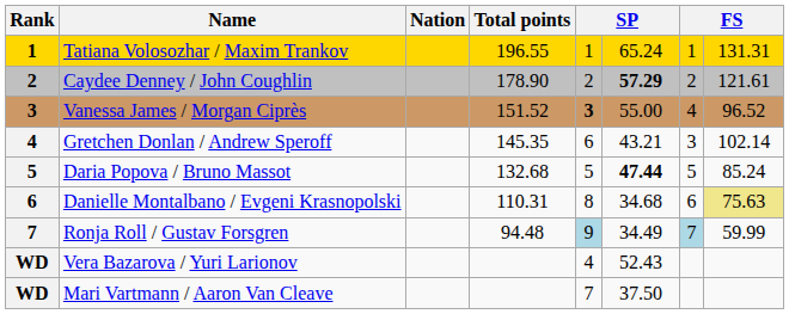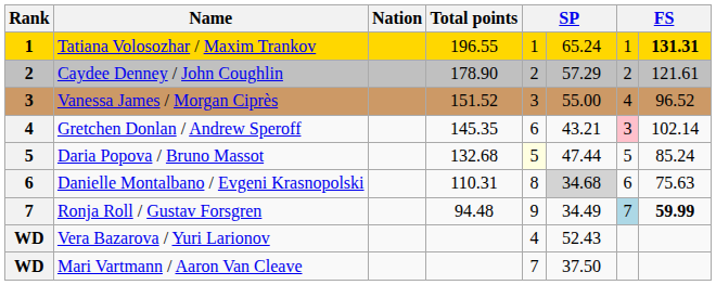 <table class="wikitable sortable">
 <tr>
 <th>Rank</th>
 <th>Name</th>
 <th>Nation</th>
 <th>Total points</th>
 <th colspan="2" width="80px"><a href='#'>SP</a></th>
 <th colspan="2" width="80px"><a href='#'>FS</a></th>
 </tr>
 <tr bgcolor="gold">
 <td align="center"><strong>1</strong></td>
 <td><a href='#'>Tatiana Volosozhar</a> / <a href='#'>Maxim Trankov</a></td>
 <td></td>
 <td align="center">196.55</td>
 <td align="center">1</td>
 <td align="center">65.24</td>
 <td align="center">1</td>
-<td align="center">131.31</td>
+<td align="center"><strong>131.31</strong></td>
 </tr>
 <tr bgcolor="silver">
 <td align="center"><strong>2</strong></td>
 <td><a href='#'>Caydee Denney</a> / <a href='#'>John Coughlin</a></td>
 <td></td>
 <td align="center">178.90</td>
 <td align="center">2</td>
-<td align="center"><strong>57.29</strong></td>
+<td align="center">57.29</td>
 <td align="center">2</td>
 <td align="center">121.61</td>
 </tr>
 <tr bgcolor="cc9966">
 <td align="center"><strong>3</strong></td>
 <td><a href='#'>Vanessa James</a> / <a href='#'>Morgan Ciprès</a></td>
 <td></td>
 <td align="center">151.52</td>
-<td align="center"><strong>3</strong></td>
+<td align="center">3</td>
 <td align="center">55.00</td>
 <td align="center">4</td>
 <td align="center">96.52</td>
 </tr>
 <tr>
 <th>4</th>
 <td><a href='#'>Gretchen Donlan</a> / <a href='#'>Andrew Speroff</a></td>
 <td></td>
 <td align="center">145.35</td>
 <td align="center">6</td>
 <td align="center">43.21</td>
-<td align="center">3</td>
+<td align="center" style="background: pink;">3</td>
 <td align="center">102.14</td>
 </tr>
 <tr>
 <th>5</th>
 <td><a href='#'>Daria Popova</a> / <a href='#'>Bruno Massot</a></td>
 <td></td>
 <td align="center">132.68</td>
-<td align="center">5</td>
-<td align="center"><strong>47.44</strong></td>
+<td align="center" style="background: lightyellow;">5</td>
+<td align="center">47.44</td>
 <td align="center">5</td>
 <td align="center">85.24</td>
 </tr>
 <tr>
 <th>6</th>
 <td><a href='#'>Danielle Montalbano</a> / <a href='#'>Evgeni Krasnopolski</a></td>
 <td></td>
 <td align="center">110.31</td>
 <td align="center">8</td>
-<td align="center">34.68</td>
+<td align="center" style="background: lightgrey;">34.68</td>
 <td align="center">6</td>
-<td align="center" style="background: khaki;">75.63</td>
+<td align="center">75.63</td>
 </tr>
 <tr>
 <th>7</th>
 <td><a href='#'>Ronja Roll</a> / <a href='#'>Gustav Forsgren</a></td>
 <td></td>
 <td align="center">94.48</td>
-<td align="center" style="background: lightblue;">9</td>
+<td align="center">9</td>
 <td align="center">34.49</td>
 <td align="center" style="background: lightblue;">7</td>
-<td align="center">59.99</td>
+<td align="center"><strong>59.99</strong></td>
 </tr>
 <tr>
 <th>WD</th>
 <td><a href='#'>Vera Bazarova</a> / <a href='#'>Yuri Larionov</a></td>
 <td></td>
 <td align="center"></td>
 <td align="center">4</td>
 <td align="center">52.43</td>
 <td align="center"></td>
 <td align="center"></td>
 </tr>
 <tr>
 <th>WD</th>
 <td><a href='#'>Mari Vartmann</a> / <a href='#'>Aaron Van Cleave</a></td>
 <td></td>
 <td align="center"></td>
 <td align="center">7</td>
 <td align="center">37.50</td>
 <td align="center"></td>
 <td align="center"></td>
 </tr>
 </table>
